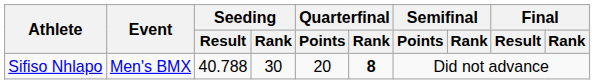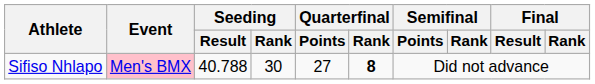 <table class=wikitable style="font-size:90%">
 <tr>
 <th rowspan="2">Athlete</th>
 <th rowspan="2">Event</th>
 <th colspan="2">Seeding</th>
 <th colspan="2">Quarterfinal</th>
 <th colspan="2">Semifinal</th>
 <th colspan="2">Final</th>
 </tr>
 <tr style="font-size:95%">
 <th>Result</th>
 <th>Rank</th>
 <th>Points</th>
 <th>Rank</th>
 <th>Points</th>
 <th>Rank</th>
 <th>Result</th>
 <th>Rank</th>
 </tr>
 <tr align=center>
 <td align=left><a href='#'>Sifiso Nhlapo</a></td>
-<td align=left><a href='#'>Men's BMX</a></td>
+<td align=left style="background: pink;"><a href='#'>Men's BMX</a></td>
 <td>40.788</td>
 <td>30</td>
-<td>20</td>
+<td>27</td>
 <td><strong>8</strong></td>
 <td colspan=4>Did not advance</td>
 </tr>
 </table>
